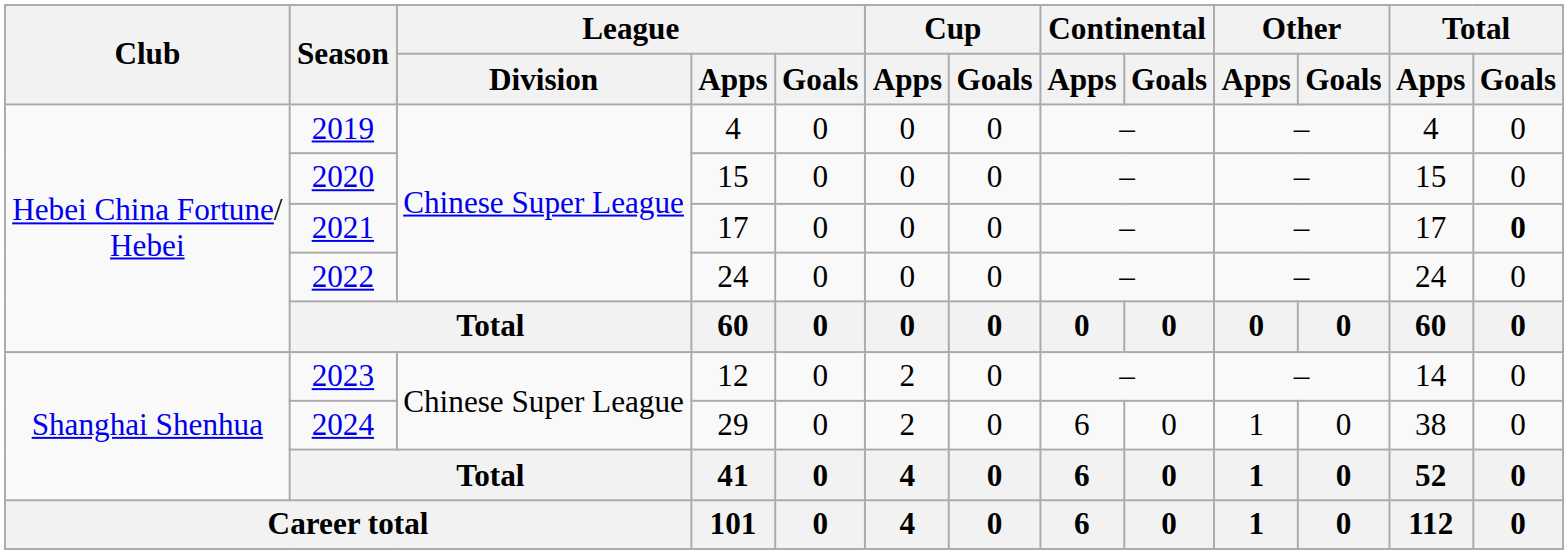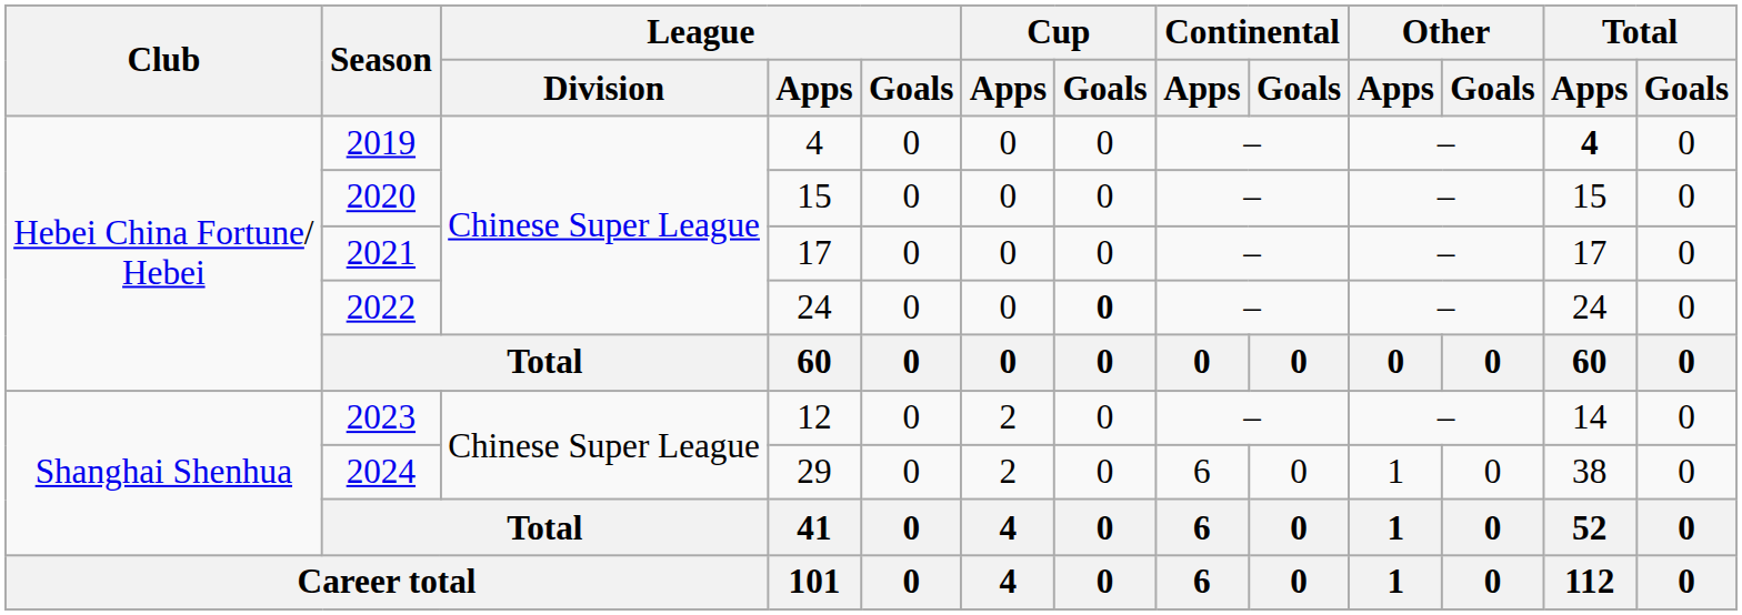 <table class="wikitable" style="text-align: center">
 <tr>
 <th rowspan="2">Club</th>
 <th rowspan="2">Season</th>
 <th colspan="3">League</th>
 <th colspan="2">Cup</th>
 <th colspan="2">Continental</th>
 <th colspan="2">Other</th>
 <th colspan="2">Total</th>
 </tr>
 <tr>
 <th>Division</th>
 <th>Apps</th>
 <th>Goals</th>
 <th>Apps</th>
 <th>Goals</th>
 <th>Apps</th>
 <th>Goals</th>
 <th>Apps</th>
 <th>Goals</th>
 <th>Apps</th>
 <th>Goals</th>
 </tr>
 <tr>
 <td rowspan=5><a href='#'>Hebei China Fortune</a>/<br><a href='#'>Hebei</a></td>
 <td><a href='#'>2019</a></td>
 <td rowspan=4><a href='#'>Chinese Super League</a></td>
 <td>4</td>
 <td>0</td>
 <td>0</td>
 <td>0</td>
 <td colspan="2">–</td>
 <td colspan="2">–</td>
-<td>4</td>
+<td><strong>4</strong></td>
 <td>0</td>
 </tr>
 <tr>
 <td><a href='#'>2020</a></td>
 <td>15</td>
 <td>0</td>
 <td>0</td>
 <td>0</td>
 <td colspan="2">–</td>
 <td colspan="2">–</td>
 <td>15</td>
 <td>0</td>
 </tr>
 <tr>
 <td><a href='#'>2021</a></td>
 <td>17</td>
 <td>0</td>
 <td>0</td>
 <td>0</td>
 <td colspan="2">–</td>
 <td colspan="2">–</td>
 <td>17</td>
-<td><strong>0</strong></td>
+<td>0</td>
 </tr>
 <tr>
 <td><a href='#'>2022</a></td>
 <td>24</td>
 <td>0</td>
 <td>0</td>
-<td>0</td>
+<td><strong>0</strong></td>
 <td colspan="2">–</td>
 <td colspan="2">–</td>
 <td>24</td>
 <td>0</td>
 </tr>
 <tr>
 <th colspan=2>Total</th>
 <th>60</th>
 <th>0</th>
 <th>0</th>
 <th>0</th>
 <th>0</th>
 <th>0</th>
 <th>0</th>
 <th>0</th>
 <th>60</th>
 <th>0</th>
 </tr>
 <tr>
 <td rowspan=3><a href='#'>Shanghai Shenhua</a></td>
 <td><a href='#'>2023</a></td>
 <td rowspan=2>Chinese Super League</td>
 <td>12</td>
 <td>0</td>
 <td>2</td>
 <td>0</td>
 <td colspan="2">–</td>
 <td colspan="2">–</td>
 <td>14</td>
 <td>0</td>
 </tr>
 <tr>
 <td><a href='#'>2024</a></td>
 <td>29</td>
 <td>0</td>
 <td>2</td>
 <td>0</td>
 <td>6</td>
 <td>0</td>
 <td>1</td>
 <td>0</td>
 <td>38</td>
 <td>0</td>
 </tr>
 <tr>
 <th colspan=2>Total</th>
 <th>41</th>
 <th>0</th>
 <th>4</th>
 <th>0</th>
 <th>6</th>
 <th>0</th>
 <th>1</th>
 <th>0</th>
 <th>52</th>
 <th>0</th>
 </tr>
 <tr>
 <th colspan=3>Career total</th>
 <th>101</th>
 <th>0</th>
 <th>4</th>
 <th>0</th>
 <th>6</th>
 <th>0</th>
 <th>1</th>
 <th>0</th>
 <th>112</th>
 <th>0</th>
 </tr>
 </table>
